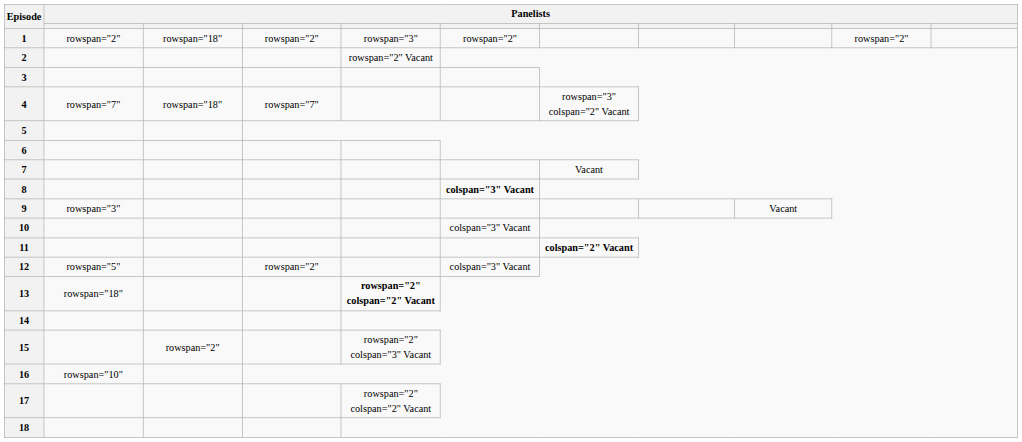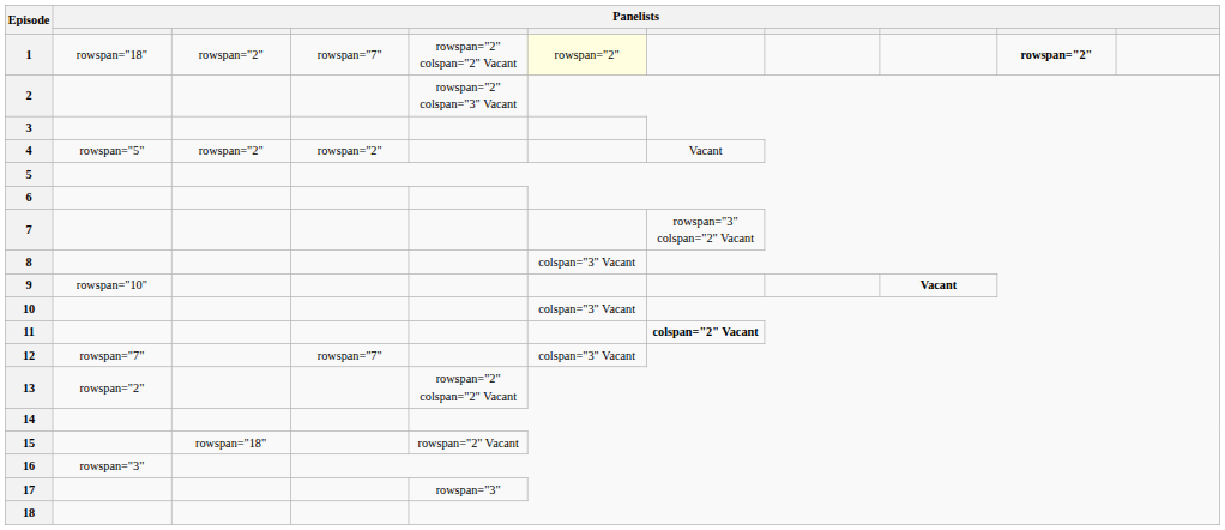 <table class="wikitable plainrowheaders mw-collapsible" style="text-align:center; line-height:23px; width:100%;">
 <tr>
 <th rowspan="2" width="1%">Episode</th>
 <th colspan="10">Panelists</th>
 </tr>
 <tr>
 <th width="10%"></th>
 <th width="10%"></th>
 <th width="10%"></th>
 <th width="10%"></th>
 <th width="10%"></th>
 <th width="10%"></th>
 <th width="10%"></th>
 <th width="10%"></th>
 <th width="10%"></th>
 <th width="10%"></th>
 </tr>
 <tr>
 <th>1</th>
-<td>rowspan="2" </td>
 <td>rowspan="18" </td>
 <td>rowspan="2" </td>
-<td>rowspan="3" </td>
-<td>rowspan="2" </td>
+<td>rowspan="7" </td>
+<td>rowspan="2" colspan="2"  Vacant</td>
+<td style="background: lightyellow;">rowspan="2" </td>
 <td></td>
 <td></td>
 <td></td>
-<td>rowspan="2" </td>
+<td><strong>rowspan="2" </strong></td>
 <td></td>
 </tr>
 <tr>
 <th>2</th>
 <td></td>
 <td></td>
 <td></td>
-<td>rowspan="2"  Vacant</td>
+<td>rowspan="2" colspan="3"  Vacant</td>
 </tr>
 <tr>
 <th>3</th>
 <td></td>
 <td></td>
 <td></td>
 <td></td>
 <td></td>
 </tr>
 <tr>
 <th>4</th>
-<td>rowspan="7" </td>
-<td>rowspan="18" </td>
-<td>rowspan="7" </td>
+<td>rowspan="5" </td>
+<td>rowspan="2" </td>
+<td>rowspan="2" </td>
 <td></td>
 <td></td>
-<td>rowspan="3" colspan="2"  Vacant</td>
+<td> Vacant</td>
 </tr>
 <tr>
 <th>5</th>
 <td></td>
 <td></td>
 </tr>
 <tr>
 <th>6</th>
 <td></td>
 <td></td>
 <td></td>
 <td></td>
 </tr>
 <tr>
 <th>7</th>
 <td></td>
 <td></td>
 <td></td>
 <td></td>
 <td></td>
-<td> Vacant</td>
+<td>rowspan="3" colspan="2"  Vacant</td>
 </tr>
 <tr>
 <th>8</th>
 <td></td>
 <td></td>
 <td></td>
 <td></td>
-<td><strong>colspan="3"  Vacant</strong></td>
+<td>colspan="3"  Vacant</td>
 </tr>
 <tr>
 <th>9</th>
-<td>rowspan="3" </td>
+<td>rowspan="10" </td>
 <td></td>
 <td></td>
 <td></td>
 <td></td>
 <td></td>
 <td></td>
-<td> Vacant</td>
+<td><strong> Vacant</strong></td>
 </tr>
 <tr>
 <th>10</th>
 <td></td>
 <td></td>
 <td></td>
 <td></td>
 <td>colspan="3"  Vacant</td>
 </tr>
 <tr>
 <th>11</th>
 <td></td>
 <td></td>
 <td></td>
 <td></td>
 <td></td>
 <td><strong>colspan="2"  Vacant</strong></td>
 </tr>
 <tr>
 <th>12</th>
-<td>rowspan="5" </td>
+<td>rowspan="7" </td>
 <td></td>
-<td>rowspan="2" </td>
+<td>rowspan="7" </td>
 <td></td>
 <td>colspan="3"  Vacant</td>
 </tr>
 <tr>
 <th>13</th>
-<td>rowspan="18" </td>
+<td>rowspan="2" </td>
 <td></td>
 <td></td>
-<td><strong>rowspan="2" colspan="2"  Vacant</strong></td>
+<td>rowspan="2" colspan="2"  Vacant</td>
 </tr>
 <tr>
 <th>14</th>
 <td></td>
 <td></td>
 <td></td>
 </tr>
 <tr>
 <th>15</th>
 <td></td>
-<td>rowspan="2" </td>
+<td>rowspan="18" </td>
 <td></td>
-<td>rowspan="2" colspan="3"  Vacant</td>
+<td>rowspan="2"  Vacant</td>
 </tr>
 <tr>
 <th>16</th>
-<td>rowspan="10" </td>
+<td>rowspan="3" </td>
 <td></td>
 </tr>
 <tr>
 <th>17</th>
 <td></td>
 <td></td>
 <td></td>
-<td>rowspan="2" colspan="2"  Vacant</td>
+<td>rowspan="3" </td>
 </tr>
 <tr>
 <th>18</th>
 <td></td>
 <td></td>
 <td></td>
 </tr>
 </table>
